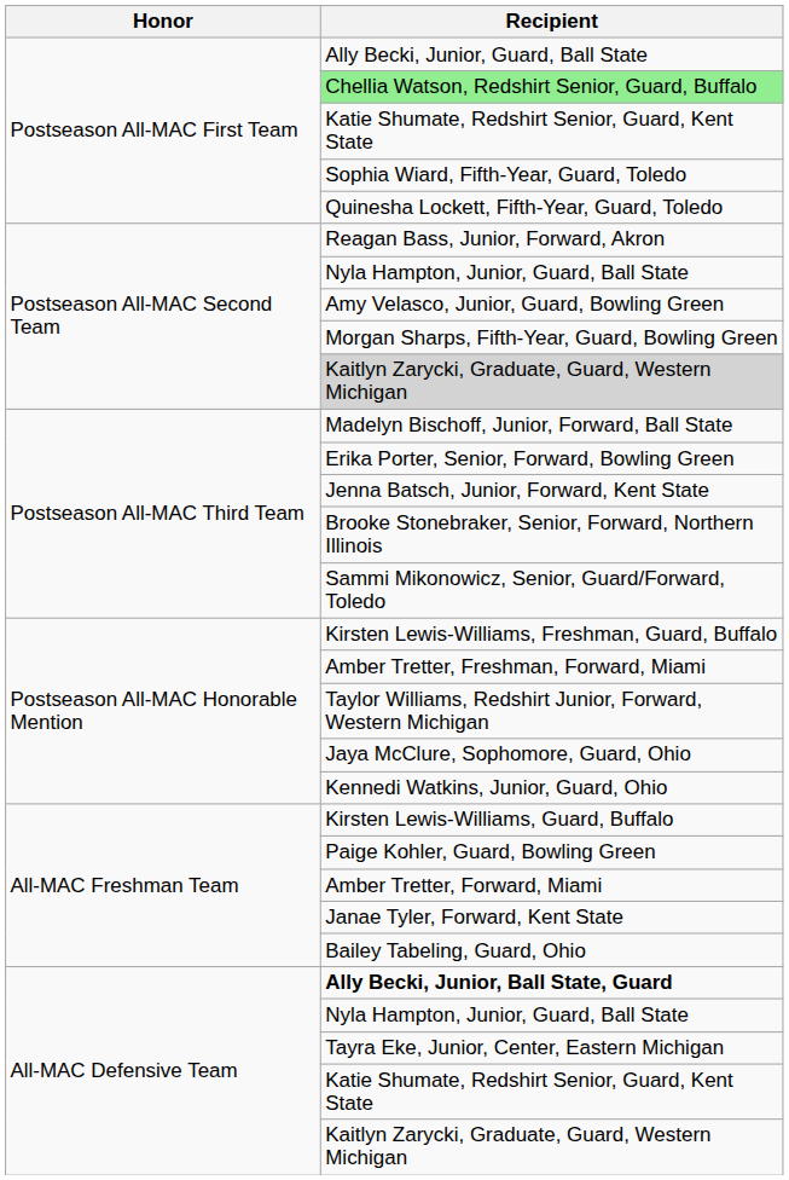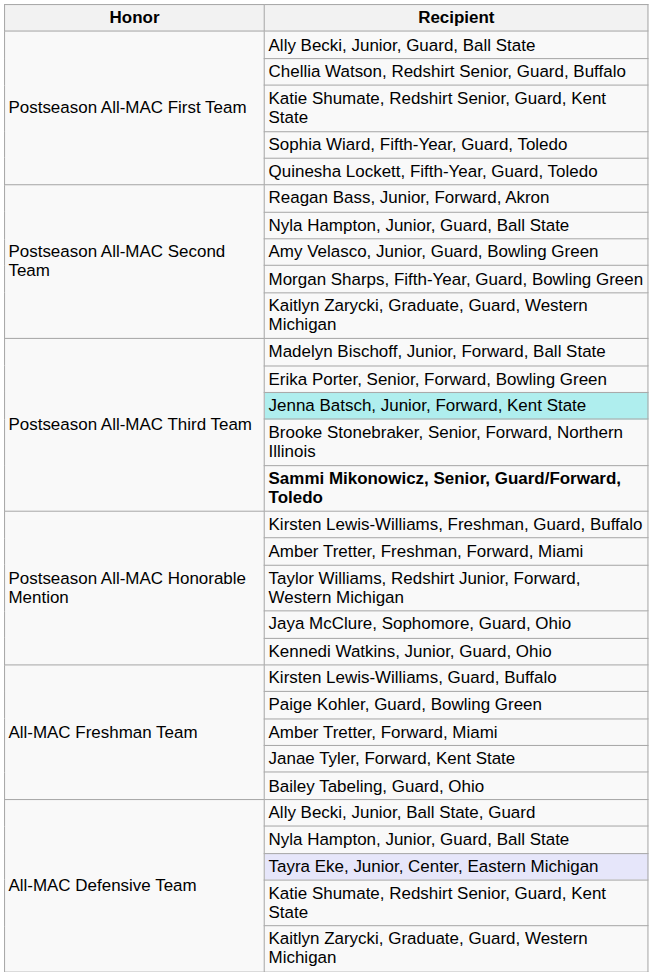 <table class="wikitable" border="1">
 <tr>
 <th>Honor</th>
 <th>Recipient</th>
 </tr>
 <tr>
 <td rowspan=5 valign=middle>Postseason All-MAC First Team</td>
 <td>Ally Becki, Junior, Guard, Ball State</td>
 </tr>
 <tr>
-<td style="background: lightgreen;">Chellia Watson, Redshirt Senior, Guard, Buffalo</td>
+<td>Chellia Watson, Redshirt Senior, Guard, Buffalo</td>
 </tr>
 <tr>
 <td>Katie Shumate, Redshirt Senior, Guard, Kent State</td>
 </tr>
 <tr>
 <td>Sophia Wiard, Fifth-Year, Guard, Toledo</td>
 </tr>
 <tr>
 <td>Quinesha Lockett, Fifth-Year, Guard, Toledo</td>
 </tr>
 <tr>
 <td rowspan=5 valign=middle>Postseason All-MAC Second Team</td>
 <td>Reagan Bass, Junior, Forward, Akron</td>
 </tr>
 <tr>
 <td>Nyla Hampton, Junior, Guard, Ball State</td>
 </tr>
 <tr>
 <td>Amy Velasco, Junior, Guard, Bowling Green</td>
 </tr>
 <tr>
 <td>Morgan Sharps, Fifth-Year, Guard, Bowling Green</td>
 </tr>
 <tr>
-<td style="background: lightgrey;">Kaitlyn Zarycki, Graduate, Guard, Western Michigan</td>
+<td>Kaitlyn Zarycki, Graduate, Guard, Western Michigan</td>
 </tr>
 <tr>
 <td rowspan=5 valign=middle>Postseason All-MAC Third Team</td>
 <td>Madelyn Bischoff, Junior, Forward, Ball State</td>
 </tr>
 <tr>
 <td>Erika Porter, Senior, Forward, Bowling Green</td>
 </tr>
 <tr>
-<td>Jenna Batsch, Junior, Forward, Kent State</td>
+<td style="background: paleturquoise;">Jenna Batsch, Junior, Forward, Kent State</td>
 </tr>
 <tr>
 <td>Brooke Stonebraker, Senior, Forward, Northern Illinois</td>
 </tr>
 <tr>
-<td>Sammi Mikonowicz, Senior, Guard/Forward, Toledo</td>
+<td><strong>Sammi Mikonowicz, Senior, Guard/Forward, Toledo</strong></td>
 </tr>
 <tr>
 <td rowspan=5 valign=middle>Postseason All-MAC Honorable Mention</td>
 <td>Kirsten Lewis-Williams, Freshman, Guard, Buffalo</td>
 </tr>
 <tr>
 <td>Amber Tretter, Freshman, Forward, Miami</td>
 </tr>
 <tr>
 <td>Taylor Williams, Redshirt Junior, Forward, Western Michigan</td>
 </tr>
 <tr>
 <td>Jaya McClure, Sophomore, Guard, Ohio</td>
 </tr>
 <tr>
 <td>Kennedi Watkins, Junior, Guard, Ohio</td>
 </tr>
 <tr>
 <td rowspan=5 valign=middle>All-MAC Freshman Team</td>
 <td>Kirsten Lewis-Williams, Guard, Buffalo</td>
 </tr>
 <tr>
 <td>Paige Kohler, Guard, Bowling Green</td>
 </tr>
 <tr>
 <td>Amber Tretter, Forward, Miami</td>
 </tr>
 <tr>
 <td>Janae Tyler, Forward, Kent State</td>
 </tr>
 <tr>
 <td>Bailey Tabeling, Guard, Ohio</td>
 </tr>
 <tr>
 <td rowspan=5 valign=middle>All-MAC Defensive Team</td>
-<td><strong>Ally Becki, Junior, Ball State, Guard</strong></td>
+<td>Ally Becki, Junior, Ball State, Guard</td>
 </tr>
 <tr>
 <td>Nyla Hampton, Junior, Guard, Ball State</td>
 </tr>
 <tr>
-<td>Tayra Eke, Junior, Center, Eastern Michigan</td>
+<td style="background: lavender;">Tayra Eke, Junior, Center, Eastern Michigan</td>
 </tr>
 <tr>
 <td>Katie Shumate, Redshirt Senior, Guard, Kent State</td>
 </tr>
 <tr>
 <td>Kaitlyn Zarycki, Graduate, Guard, Western Michigan</td>
 </tr>
 <tr>
 </tr>
 </table>
